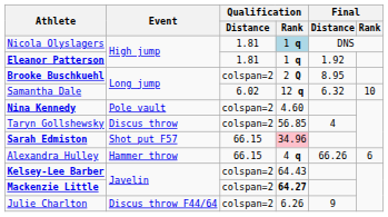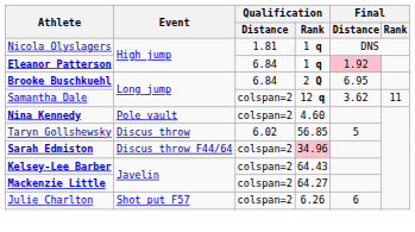 <table class="wikitable" style="font-size:90%;text-align:center">
 <tr>
 <th rowspan="2">Athlete</th>
 <th rowspan="2">Event</th>
 <th colspan="2">Qualification</th>
 <th colspan="2">Final</th>
 </tr>
 <tr style="font-size:95%">
 <th>Distance</th>
 <th>Rank</th>
 <th>Distance</th>
 <th>Rank</th>
 </tr>
 <tr>
 <td align="left"><a href='#'>Nicola Olyslagers</a></td>
 <td rowspan="2" style="text-align:left;"><a href='#'>High jump</a></td>
 <td>1.81</td>
-<td style="background: lightblue;">1 <strong>q</strong></td>
+<td>1 <strong>q</strong></td>
 <td colspan=2>DNS</td>
 </tr>
 <tr>
 <td align="left"><strong><a href='#'>Eleanor Patterson</a></strong></td>
-<td>1.81</td>
+<td>6.84</td>
 <td>1 <strong>q</strong></td>
-<td>1.92</td>
+<td style="background: pink;">1.92</td>
 <td></td>
 </tr>
 <tr>
 <td align="left"><strong><a href='#'>Brooke Buschkuehl</a></strong></td>
 <td rowspan="2" style="text-align:left;"><a href='#'>Long jump</a></td>
-<td>colspan=2 </td>
+<td>6.84</td>
 <td>2 <strong>Q</strong></td>
-<td>8.95</td>
+<td>6.95</td>
 <td></td>
 </tr>
 <tr>
 <td align="left"><a href='#'>Samantha Dale</a></td>
-<td>6.02</td>
+<td>colspan=2 </td>
 <td>12 <strong>q</strong></td>
-<td>6.32</td>
-<td>10</td>
+<td>3.62</td>
+<td>11</td>
 </tr>
 <tr>
 <td align="left"><strong><a href='#'>Nina Kennedy</a></strong></td>
 <td align="left"><a href='#'>Pole vault</a></td>
 <td>colspan=2 </td>
 <td>4.60</td>
 <td></td>
 </tr>
 <tr>
 <td align="left"><a href='#'>Taryn Gollshewsky</a></td>
 <td align="left"><a href='#'>Discus throw</a></td>
-<td>colspan=2 </td>
+<td>6.02</td>
 <td>56.85</td>
-<td>4</td>
+<td>5</td>
 </tr>
 <tr>
 <td align="left"><strong><a href='#'>Sarah Edmiston</a></strong></td>
-<td align="left"><a href='#'>Shot put F57</a></td>
-<td>66.15</td>
+<td align="left"><a href='#'>Discus throw F44/64</a></td>
+<td>colspan=2 </td>
 <td style="background: pink;">34.96</td>
 <td></td>
-</tr>
-<tr>
-<td align="left"><a href='#'>Alexandra Hulley</a></td>
-<td align="left"><a href='#'>Hammer throw</a></td>
-<td>66.15</td>
-<td>4 <strong>q</strong></td>
-<td>66.26</td>
-<td>6</td>
 </tr>
 <tr>
 <td align="left"><strong><a href='#'>Kelsey-Lee Barber</a></strong></td>
 <td rowspan="2" style="text-align:left;"><a href='#'>Javelin</a></td>
 <td>colspan=2 </td>
 <td>64.43</td>
 <td></td>
 </tr>
 <tr>
 <td align="left"><strong><a href='#'>Mackenzie Little</a></strong></td>
 <td>colspan=2 </td>
-<td><strong>64.27</strong></td>
+<td>64.27</td>
 <td></td>
 </tr>
 <tr>
 <td align="left"><a href='#'>Julie Charlton</a></td>
-<td align="left"><a href='#'>Discus throw F44/64</a></td>
+<td align="left"><a href='#'>Shot put F57</a></td>
 <td>colspan=2 </td>
 <td>6.26</td>
-<td>9</td>
+<td>6</td>
 </tr>
 </table>
